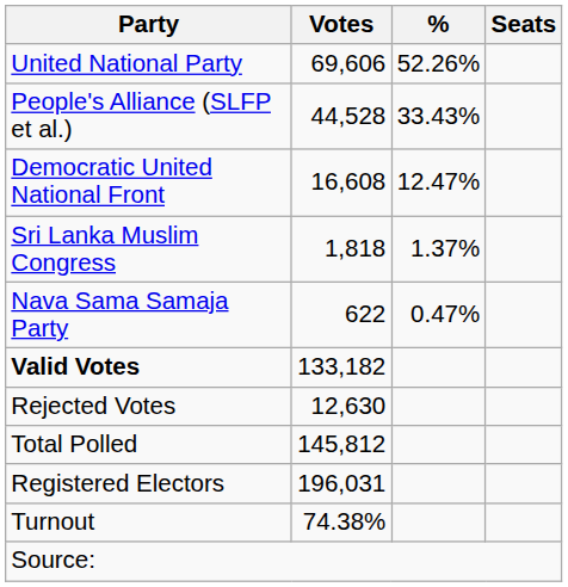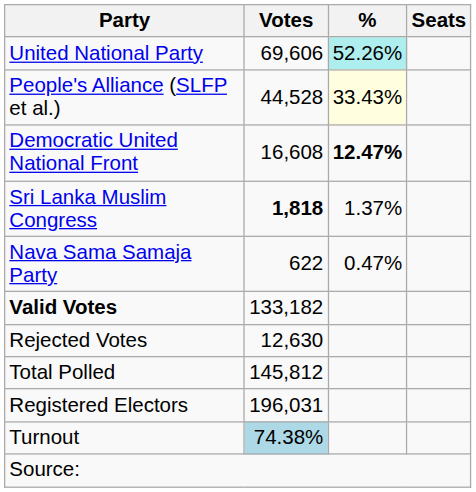 <table class="wikitable" border="1" style="text-align:right;">
 <tr>
 <th align=left width="180">Party</th>
 <th align=center width="50">Votes</th>
 <th align=center width="50">%</th>
 <th align=center width="40">Seats</th>
 </tr>
 <tr>
 <td align=left><a href='#'>United National Party</a></td>
 <td>69,606</td>
-<td>52.26%</td>
+<td style="background: paleturquoise;">52.26%</td>
 <td></td>
 </tr>
 <tr>
 <td align=left><a href='#'>People's Alliance</a> (<a href='#'>SLFP</a> et al.)</td>
 <td>44,528</td>
-<td>33.43%</td>
+<td style="background: lightyellow;">33.43%</td>
 <td></td>
 </tr>
 <tr>
 <td align=left><a href='#'>Democratic United National Front</a></td>
 <td>16,608</td>
-<td>12.47%</td>
+<td><strong>12.47%</strong></td>
 <td></td>
 </tr>
 <tr>
 <td align=left><a href='#'>Sri Lanka Muslim Congress</a></td>
-<td>1,818</td>
+<td><strong>1,818</strong></td>
 <td>1.37%</td>
 <td></td>
 </tr>
 <tr>
 <td align=left><a href='#'>Nava Sama Samaja Party</a></td>
 <td>622</td>
 <td>0.47%</td>
 <td></td>
 </tr>
 <tr>
 <td align=left><strong>Valid Votes</strong></td>
 <td>133,182</td>
 <td></td>
 <td></td>
 </tr>
 <tr>
 <td align=left>Rejected Votes</td>
 <td>12,630</td>
 <td></td>
 <td></td>
 </tr>
 <tr>
 <td align=left>Total Polled</td>
 <td>145,812</td>
 <td></td>
 <td></td>
 </tr>
 <tr>
 <td align=left>Registered Electors</td>
 <td>196,031</td>
 <td></td>
 <td></td>
 </tr>
 <tr>
 <td align=left>Turnout</td>
-<td>74.38%</td>
+<td style="background: lightblue;">74.38%</td>
 <td></td>
 <td></td>
 </tr>
 <tr>
 <td align=left colspan=4>Source:</td>
 </tr>
 </table>
